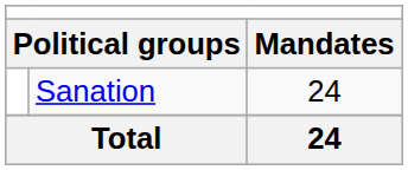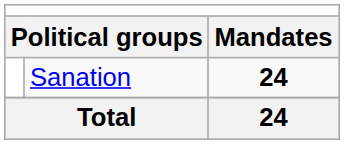 <table class="wikitable">
 <tr>
 <th colspan="3" style="background:white"align=center></th>
 </tr>
 <tr>
 <th colspan="2">Political groups</th>
 <th>Mandates</th>
 </tr>
 <tr>
 <td style="background:white"></td>
 <td><a href='#'>Sanation</a></td>
-<td align="center">24</td>
+<td align="center"><strong>24</strong></td>
 </tr>
 <tr>
 </tr>
 <tr bgcolor="#ececec">
 <th colspan="2">Total</th>
 <th align="center">24</th>
 </tr>
 </table>
